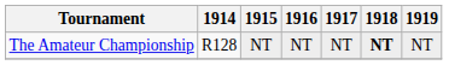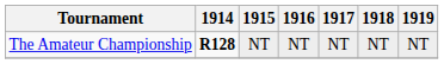 <table class="wikitable" style="font-size:95%;text-align:center;">
 <tr>
 <th>Tournament</th>
 <th>1914</th>
 <th>1915</th>
 <th>1916</th>
 <th>1917</th>
 <th>1918</th>
 <th>1919</th>
 </tr>
 <tr>
 <td align=left><a href='#'>The Amateur Championship</a></td>
-<td>R128</td>
+<td><strong>R128</strong></td>
 <td style="background:#eeeeee;">NT</td>
 <td style="background:#eeeeee;">NT</td>
 <td style="background:#eeeeee;">NT</td>
-<td style="background:#eeeeee;"><strong>NT</strong></td>
+<td style="background:#eeeeee;">NT</td>
 <td style="background:#eeeeee;">NT</td>
 </tr>
 <tr>
 </tr>
 </table>
